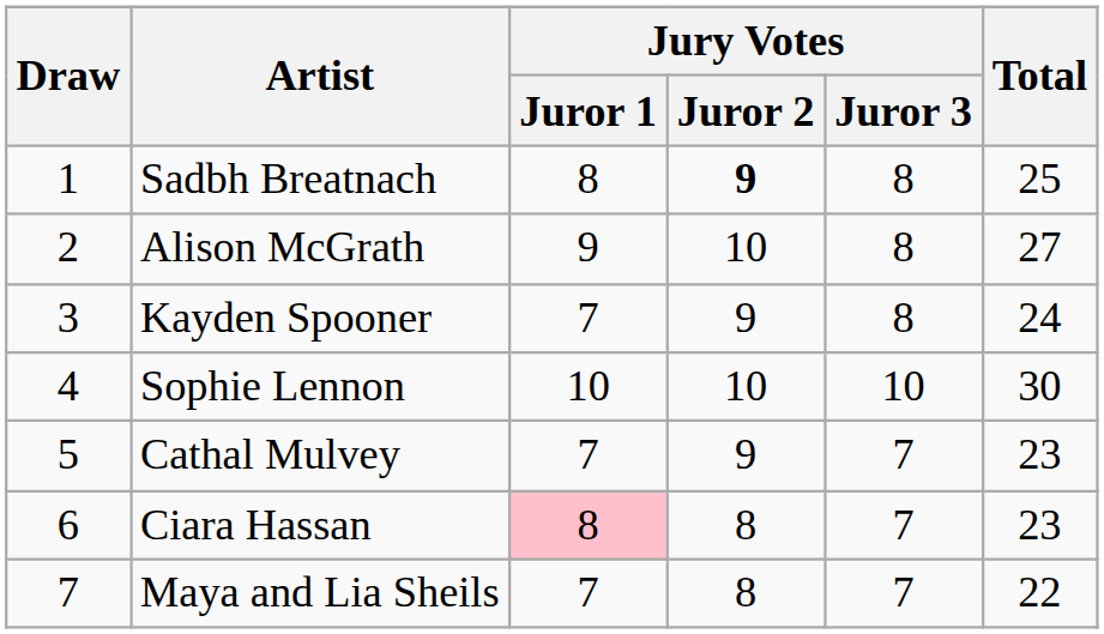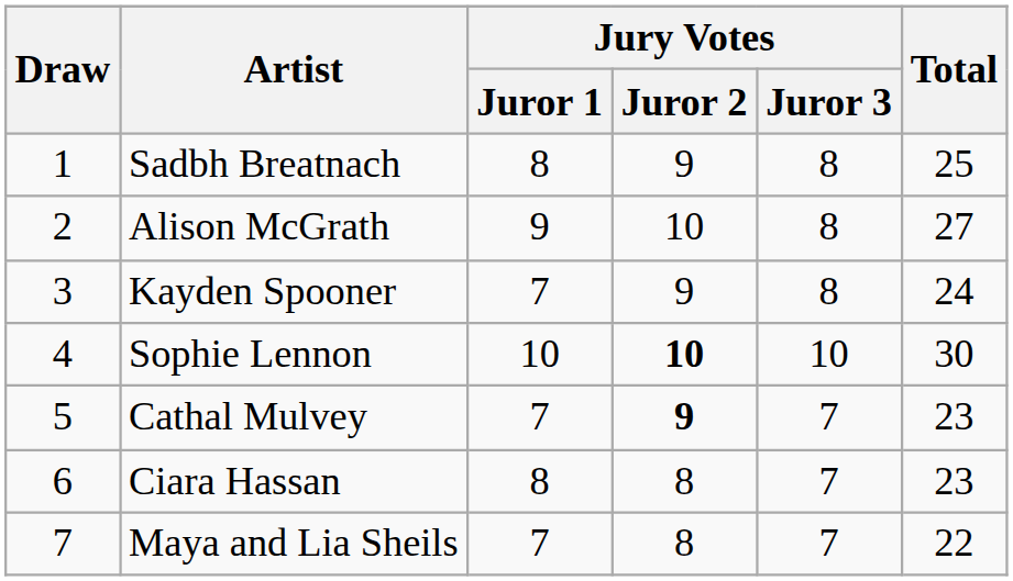 <table class="wikitable collapsible" style="float:right; margin:10px; text-align:center;">
 <tr>
 </tr>
 <tr>
 <th rowspan="2">Draw</th>
 <th rowspan="2">Artist</th>
 <th colspan="3">Jury Votes</th>
 <th rowspan="2">Total</th>
 </tr>
 <tr>
 <th>Juror 1</th>
 <th>Juror 2</th>
 <th>Juror 3</th>
 </tr>
 <tr>
 <td>1</td>
 <td style="text-align:left;">Sadbh Breatnach</td>
 <td>8</td>
-<td><strong>9</strong></td>
+<td>9</td>
 <td>8</td>
 <td>25</td>
 </tr>
 <tr>
 <td>2</td>
 <td style="text-align:left;">Alison McGrath</td>
 <td>9</td>
 <td>10</td>
 <td>8</td>
 <td>27</td>
 </tr>
 <tr>
 <td>3</td>
 <td style="text-align:left;">Kayden Spooner</td>
 <td>7</td>
 <td>9</td>
 <td>8</td>
 <td>24</td>
 </tr>
 <tr>
 <td>4</td>
 <td style="text-align:left;">Sophie Lennon</td>
 <td>10</td>
-<td>10</td>
+<td><strong>10</strong></td>
 <td>10</td>
 <td>30</td>
 </tr>
 <tr>
 <td>5</td>
 <td style="text-align:left;">Cathal Mulvey</td>
 <td>7</td>
-<td>9</td>
+<td><strong>9</strong></td>
 <td>7</td>
 <td>23</td>
 </tr>
 <tr>
 <td>6</td>
 <td style="text-align:left;">Ciara Hassan</td>
-<td style="background: pink;">8</td>
+<td>8</td>
 <td>8</td>
 <td>7</td>
 <td>23</td>
 </tr>
 <tr>
 <td>7</td>
 <td style="text-align:left;">Maya and Lia Sheils</td>
 <td>7</td>
 <td>8</td>
 <td>7</td>
 <td>22</td>
 </tr>
 </table>
